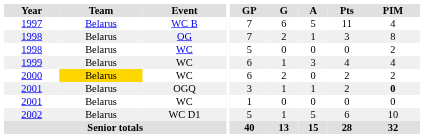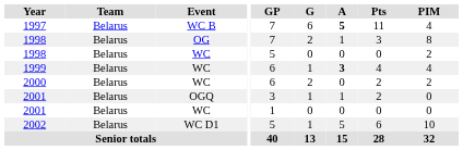 <table border="0" cellpadding="1" cellspacing="0" style="text-align:center; width:40em">
 <tr bgcolor="#e0e0e0">
 <th>Year</th>
 <th>Team</th>
 <th>Event</th>
 <th rowspan="99" bgcolor="#ffffff"></th>
 <th>GP</th>
 <th>G</th>
 <th>A</th>
 <th>Pts</th>
 <th>PIM</th>
 </tr>
 <tr>
 <td><a href='#'>1997</a></td>
 <td><a href='#'>Belarus</a></td>
 <td><a href='#'>WC B</a></td>
 <td>7</td>
 <td>6</td>
-<td>5</td>
+<td><strong>5</strong></td>
 <td>11</td>
 <td>4</td>
 </tr>
 <tr bgcolor="#f0f0f0">
 <td><a href='#'>1998</a></td>
 <td>Belarus</td>
 <td><a href='#'>OG</a></td>
 <td>7</td>
 <td>2</td>
 <td>1</td>
 <td>3</td>
 <td>8</td>
 </tr>
 <tr>
 <td><a href='#'>1998</a></td>
 <td>Belarus</td>
 <td><a href='#'>WC</a></td>
 <td>5</td>
 <td>0</td>
 <td>0</td>
 <td>0</td>
 <td>2</td>
 </tr>
 <tr bgcolor="#f0f0f0">
 <td><a href='#'>1999</a></td>
 <td>Belarus</td>
 <td>WC</td>
 <td>6</td>
 <td>1</td>
-<td>3</td>
+<td><strong>3</strong></td>
 <td>4</td>
 <td>4</td>
 </tr>
 <tr>
 <td><a href='#'>2000</a></td>
-<td style="background: gold;">Belarus</td>
+<td>Belarus</td>
 <td>WC</td>
 <td>6</td>
 <td>2</td>
 <td>0</td>
 <td>2</td>
 <td>2</td>
 </tr>
 <tr bgcolor="#f0f0f0">
 <td><a href='#'>2001</a></td>
 <td>Belarus</td>
 <td>OGQ</td>
 <td>3</td>
 <td>1</td>
 <td>1</td>
 <td>2</td>
-<td><strong>0</strong></td>
+<td>0</td>
 </tr>
 <tr>
 <td><a href='#'>2001</a></td>
 <td>Belarus</td>
 <td>WC</td>
 <td>1</td>
 <td>0</td>
 <td>0</td>
 <td>0</td>
 <td>0</td>
 </tr>
 <tr bgcolor="#f0f0f0">
 <td><a href='#'>2002</a></td>
 <td>Belarus</td>
 <td>WC D1</td>
 <td>5</td>
 <td>1</td>
 <td>5</td>
 <td>6</td>
 <td>10</td>
 </tr>
 <tr bgcolor="#e0e0e0">
 <th colspan="3">Senior totals</th>
 <th>40</th>
 <th>13</th>
 <th>15</th>
 <th>28</th>
 <th>32</th>
 </tr>
 </table>
